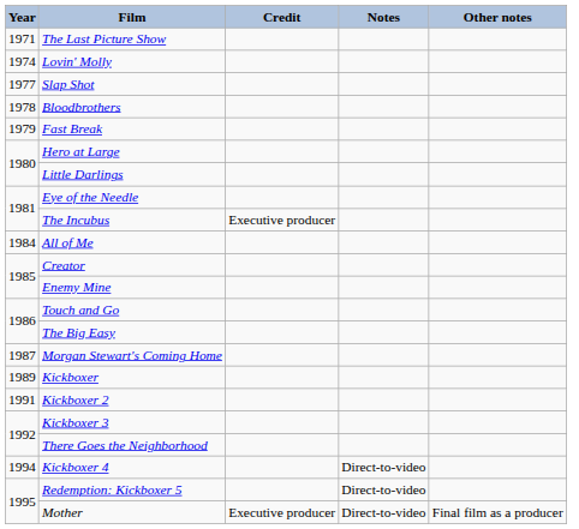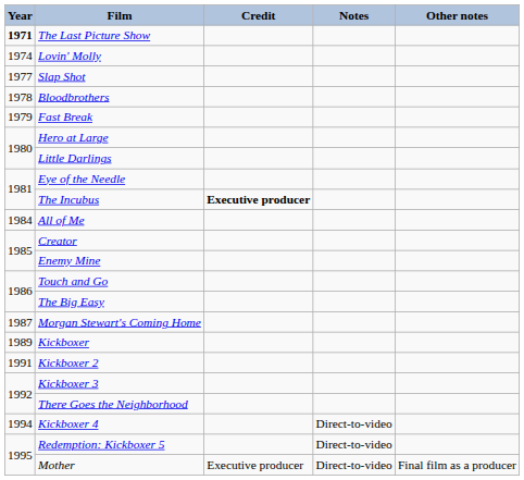 <table class="wikitable" style="font-size:95%;">
 <tr>
 <th style="background:#B0C4DE;">Year</th>
 <th style="background:#B0C4DE;">Film</th>
 <th style="background:#B0C4DE;">Credit</th>
 <th style="background:#B0C4DE;">Notes</th>
 <th style="background:#B0C4DE;">Other notes</th>
 </tr>
 <tr>
-<td>1971</td>
+<td><strong>1971</strong></td>
 <td><em><a href='#'>The Last Picture Show</a></em></td>
 <td></td>
 <td></td>
 <td></td>
 </tr>
 <tr>
 <td>1974</td>
 <td><em><a href='#'>Lovin' Molly</a></em></td>
 <td></td>
 <td></td>
 <td></td>
 </tr>
 <tr>
 <td>1977</td>
 <td><em><a href='#'>Slap Shot</a></em></td>
 <td></td>
 <td></td>
 <td></td>
 </tr>
 <tr>
 <td>1978</td>
 <td><em><a href='#'>Bloodbrothers</a></em></td>
 <td></td>
 <td></td>
 <td></td>
 </tr>
 <tr>
 <td>1979</td>
 <td><em><a href='#'>Fast Break</a></em></td>
 <td></td>
 <td></td>
 <td></td>
 </tr>
 <tr>
 <td rowspan=2>1980</td>
 <td><em><a href='#'>Hero at Large</a></em></td>
 <td></td>
 <td></td>
 <td></td>
 </tr>
 <tr>
 <td><em><a href='#'>Little Darlings</a></em></td>
 <td></td>
 <td></td>
 <td></td>
 </tr>
 <tr>
 <td rowspan=2>1981</td>
 <td><em><a href='#'>Eye of the Needle</a></em></td>
 <td></td>
 <td></td>
 <td></td>
 </tr>
 <tr>
 <td><em><a href='#'>The Incubus</a></em></td>
-<td>Executive producer</td>
+<td><strong>Executive producer</strong></td>
 <td></td>
 <td></td>
 </tr>
 <tr>
 <td>1984</td>
 <td><em><a href='#'>All of Me</a></em></td>
 <td></td>
 <td></td>
 <td></td>
 </tr>
 <tr>
 <td rowspan=2>1985</td>
 <td><em><a href='#'>Creator</a></em></td>
 <td></td>
 <td></td>
 <td></td>
 </tr>
 <tr>
 <td><em><a href='#'>Enemy Mine</a></em></td>
 <td></td>
 <td></td>
 <td></td>
 </tr>
 <tr>
 <td rowspan=2>1986</td>
 <td><em><a href='#'>Touch and Go</a></em></td>
 <td></td>
 <td></td>
 <td></td>
 </tr>
 <tr>
 <td><em><a href='#'>The Big Easy</a></em></td>
 <td></td>
 <td></td>
 <td></td>
 </tr>
 <tr>
 <td>1987</td>
 <td><em><a href='#'>Morgan Stewart's Coming Home</a></em></td>
 <td></td>
 <td></td>
 <td></td>
 </tr>
 <tr>
 <td>1989</td>
 <td><em><a href='#'>Kickboxer</a></em></td>
 <td></td>
 <td></td>
 <td></td>
 </tr>
 <tr>
 <td>1991</td>
 <td><em><a href='#'>Kickboxer 2</a></em></td>
 <td></td>
 <td></td>
 <td></td>
 </tr>
 <tr>
 <td rowspan=2>1992</td>
 <td><em><a href='#'>Kickboxer 3</a></em></td>
 <td></td>
 <td></td>
 <td></td>
 </tr>
 <tr>
 <td><em><a href='#'>There Goes the Neighborhood</a></em></td>
 <td></td>
 <td></td>
 <td></td>
 </tr>
 <tr>
 <td>1994</td>
 <td><em><a href='#'>Kickboxer 4</a></em></td>
 <td></td>
 <td>Direct-to-video</td>
 <td></td>
 </tr>
 <tr>
 <td rowspan=2>1995</td>
 <td><em><a href='#'>Redemption: Kickboxer 5</a></em></td>
 <td></td>
 <td>Direct-to-video</td>
 <td></td>
 </tr>
 <tr>
 <td><em>Mother</em></td>
 <td>Executive producer</td>
 <td>Direct-to-video</td>
 <td>Final film as a producer</td>
 </tr>
 </table>
